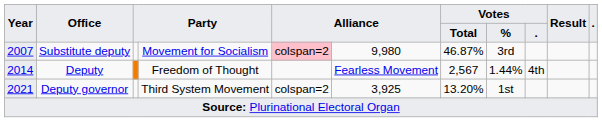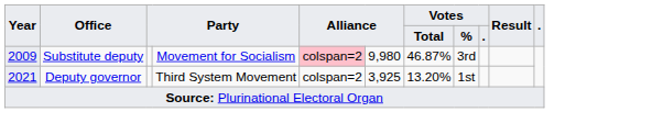 <table class="wikitable" style="font-size:90%; text-align:center;">
 <tr>
 <th style="background-color:#EAECF0;" rowspan=2>Year</th>
 <th style="background-color:#EAECF0;" rowspan=2>Office</th>
 <th style="background-color:#EAECF0;" colspan=2 rowspan=2>Party</th>
 <th style="background-color:#EAECF0;" colspan=2 rowspan=2>Alliance</th>
 <th style="background-color:#EAECF0;" colspan=3>Votes</th>
 <th style="background-color:#EAECF0;" rowspan=2>Result</th>
 <th style="background-color:#EAECF0;" rowspan=2>.</th>
 </tr>
 <tr>
 <th style="background-color:#EAECF0;">Total</th>
 <th style="background-color:#EAECF0;">%</th>
 <th style="background-color:#EAECF0;">.</th>
 </tr>
 <tr>
-<td style="background-color:#EAECF0;"><a href='#'>2007</a></td>
+<td style="background-color:#EAECF0;"><a href='#'>2009</a></td>
 <td><a href='#'>Substitute deputy</a></td>
 <td style="background-color:"></td>
 <td><a href='#'>Movement for Socialism</a></td>
 <td style="background: pink;">colspan=2 </td>
 <td>9,980</td>
 <td>46.87%</td>
 <td>3rd</td>
-<td></td>
-<td></td>
-</tr>
-<tr>
-<td style="background-color:#EAECF0;"><a href='#'>2014</a></td>
-<td><a href='#'>Deputy</a></td>
-<td style="background-color:#F07D00;"></td>
-<td>Freedom of Thought</td>
-<td style="background-color:"></td>
-<td><a href='#'>Fearless Movement</a></td>
-<td>2,567</td>
-<td>1.44%</td>
-<td>4th</td>
 <td></td>
 <td></td>
 </tr>
 <tr>
 <td style="background-color:#EAECF0;"><a href='#'>2021</a></td>
 <td><a href='#'>Deputy governor</a></td>
 <td style="background-color:"></td>
 <td>Third System Movement</td>
 <td>colspan=2 </td>
 <td>3,925</td>
 <td>13.20%</td>
 <td>1st</td>
 <td></td>
 <td></td>
 </tr>
 <tr>
 <td style="background-color:#EAECF0;" colspan=11><strong>Source:</strong> <a href='#'>Plurinational Electoral Organ</a>  </td>
 </tr>
 </table>
